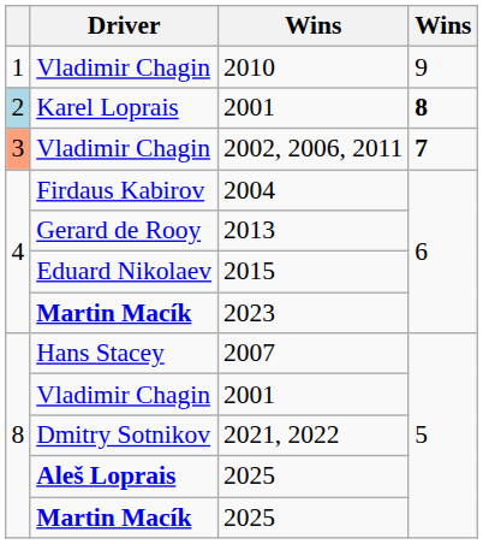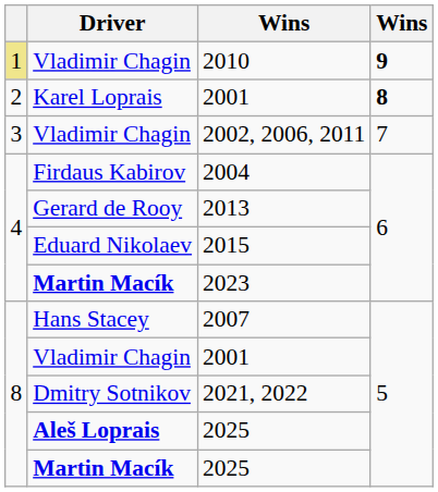 <table class="wikitable">
 <tr>
 <th></th>
 <th>Driver</th>
 <th>Wins</th>
 <th>Wins</th>
 </tr>
 <tr>
-<td>1</td>
+<td style="background: khaki;">1</td>
 <td> <a href='#'>Vladimir Chagin</a></td>
 <td>2010</td>
-<td>9</td>
+<td><strong>9</strong></td>
 </tr>
 <tr>
-<td style="background: lightblue;">2</td>
+<td>2</td>
 <td> <a href='#'>Karel Loprais</a></td>
 <td>2001</td>
 <td><strong>8</strong></td>
 </tr>
 <tr>
-<td style="background: lightsalmon;">3</td>
+<td>3</td>
 <td> <a href='#'>Vladimir Chagin</a></td>
 <td>2002, 2006, 2011</td>
-<td><strong>7</strong></td>
+<td>7</td>
 </tr>
 <tr>
 <td rowspan=4>4</td>
 <td> <a href='#'>Firdaus Kabirov</a></td>
 <td>2004</td>
 <td rowspan=4>6</td>
 </tr>
 <tr>
 <td> <a href='#'>Gerard de Rooy</a></td>
 <td>2013</td>
 </tr>
 <tr>
 <td> <a href='#'>Eduard Nikolaev</a></td>
 <td>2015</td>
 </tr>
 <tr>
 <td> <strong><a href='#'>Martin Macík</a></strong></td>
 <td>2023</td>
 </tr>
 <tr>
 <td rowspan=5>8</td>
 <td> <a href='#'>Hans Stacey</a></td>
 <td>2007</td>
 <td rowspan=5>5</td>
 </tr>
 <tr>
 <td> <a href='#'>Vladimir Chagin</a></td>
 <td>2001</td>
 </tr>
 <tr>
 <td> <a href='#'>Dmitry Sotnikov</a></td>
 <td>2021, 2022</td>
 </tr>
 <tr>
 <td> <strong><a href='#'>Aleš Loprais</a></strong></td>
 <td>2025</td>
 </tr>
 <tr>
 <td> <strong><a href='#'>Martin Macík</a></strong></td>
 <td>2025</td>
 </tr>
 </table>
